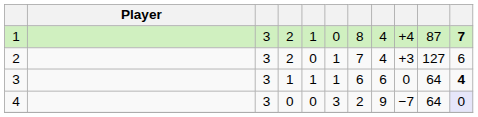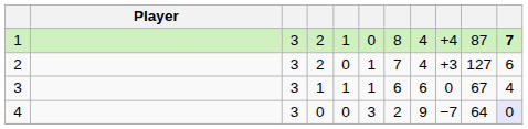 <table class="wikitable" style="text-align:center;">
 <tr>
 <th width=20></th>
 <th width=260>Player</th>
 <th width=20></th>
 <th width=20></th>
 <th width=20></th>
 <th width=20></th>
 <th width=20></th>
 <th width=20></th>
 <th width=20></th>
 <th width=30></th>
 <th width=20></th>
 </tr>
 <tr style="background:#D0F0C0;">
 <td>1</td>
 <td align=left> <small></small></td>
 <td>3</td>
 <td>2</td>
 <td>1</td>
 <td>0</td>
 <td>8</td>
 <td>4</td>
 <td>+4</td>
 <td>87</td>
 <td><strong>7</strong></td>
 </tr>
 <tr>
 <td>2</td>
 <td align=left> <small></small></td>
 <td>3</td>
 <td>2</td>
 <td>0</td>
 <td>1</td>
 <td>7</td>
 <td>4</td>
 <td>+3</td>
 <td>127</td>
 <td>6</td>
 </tr>
 <tr>
 <td>3</td>
 <td align=left> <small></small></td>
 <td>3</td>
 <td>1</td>
 <td>1</td>
 <td>1</td>
 <td>6</td>
 <td>6</td>
 <td>0</td>
-<td>64</td>
-<td><strong>4</strong></td>
+<td>67</td>
+<td>4</td>
 </tr>
 <tr>
 <td>4</td>
 <td align=left> <small></small></td>
 <td>3</td>
 <td>0</td>
 <td>0</td>
 <td>3</td>
 <td>2</td>
 <td>9</td>
 <td>−7</td>
 <td>64</td>
 <td style="background: lavender;">0</td>
 </tr>
 <tr>
 </tr>
 </table>
